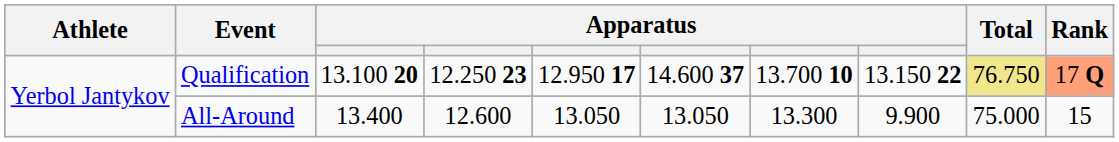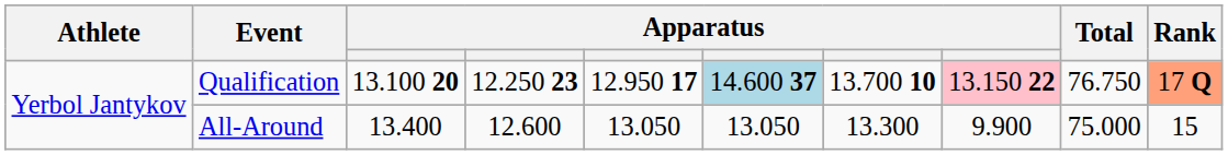 <table class="wikitable" style="font-size:90%">
 <tr>
 <th rowspan=2>Athlete</th>
 <th rowspan=2>Event</th>
 <th colspan =6>Apparatus</th>
 <th rowspan=2>Total</th>
 <th rowspan=2>Rank</th>
 </tr>
 <tr style="font-size:95%">
 <th></th>
 <th></th>
 <th></th>
 <th></th>
 <th></th>
 <th></th>
 </tr>
 <tr align=center>
 <td align=left rowspan=2><a href='#'>Yerbol Jantykov</a></td>
 <td align=left><a href='#'>Qualification</a></td>
 <td>13.100	<strong>20</strong></td>
 <td>12.250	<strong>23</strong></td>
 <td>12.950	<strong>17</strong></td>
-<td>14.600	<strong>37</strong></td>
+<td style="background: lightblue;">14.600	<strong>37</strong></td>
 <td>13.700	<strong>10</strong></td>
-<td>13.150	<strong>22</strong></td>
-<td style="background: khaki;">76.750</td>
+<td style="background: pink;">13.150	<strong>22</strong></td>
+<td>76.750</td>
 <td style="background: lightsalmon;">17 <strong>Q</strong></td>
 </tr>
 <tr align=center>
 <td align=left><a href='#'>All-Around</a></td>
 <td>13.400</td>
 <td>12.600</td>
 <td>13.050</td>
 <td>13.050</td>
 <td>13.300</td>
 <td>9.900</td>
 <td>75.000</td>
 <td>15</td>
 </tr>
 </table>
